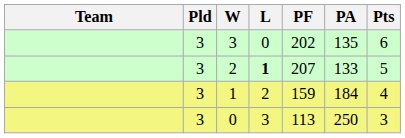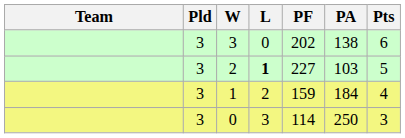 <table class="wikitable" style="text-align:center;">
 <tr>
 <th width=170>Team</th>
 <th width=25>Pld</th>
 <th width=25>W</th>
 <th width=25>L</th>
 <th width=35>PF</th>
 <th width=35>PA</th>
 <th width=25>Pts</th>
 </tr>
 <tr bgcolor=#ccffcc>
 <td align="left"></td>
 <td>3</td>
 <td>3</td>
 <td>0</td>
 <td>202</td>
-<td>135</td>
+<td>138</td>
 <td>6</td>
 </tr>
 <tr bgcolor=#ccffcc>
 <td align="left"></td>
 <td>3</td>
 <td>2</td>
 <td><strong>1</strong></td>
-<td>207</td>
-<td>133</td>
+<td>227</td>
+<td>103</td>
 <td>5</td>
 </tr>
 <tr bgcolor=#F3F781>
 <td align="left"></td>
 <td>3</td>
 <td>1</td>
 <td>2</td>
 <td>159</td>
 <td>184</td>
 <td>4</td>
 </tr>
 <tr bgcolor=#F3F781>
 <td align="left"></td>
 <td>3</td>
 <td>0</td>
 <td>3</td>
-<td>113</td>
+<td>114</td>
 <td>250</td>
 <td>3</td>
 </tr>
 </table>
